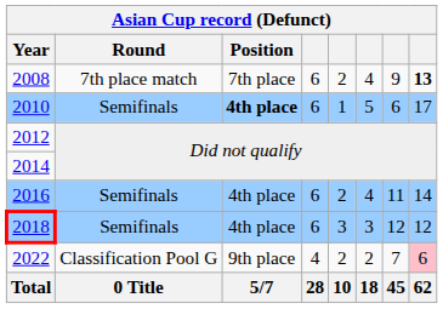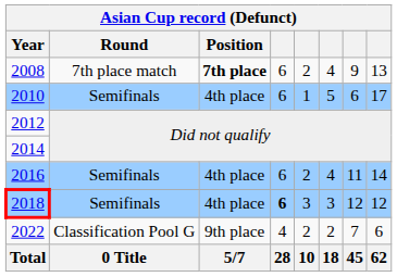 <table class="wikitable" style="text-align:center">
 <tr>
 <th colspan=8><a href='#'>Asian Cup record</a> (Defunct)</th>
 </tr>
 <tr>
 <th>Year</th>
 <th>Round</th>
 <th>Position</th>
 <th></th>
 <th></th>
 <th></th>
 <th></th>
 <th></th>
 </tr>
 <tr>
 <td> <a href='#'>2008</a></td>
 <td>7th place match</td>
-<td>7th place</td>
+<td><strong>7th place</strong></td>
 <td>6</td>
 <td>2</td>
 <td>4</td>
 <td>9</td>
-<td><strong>13</strong></td>
+<td>13</td>
 </tr>
 <tr bgcolor=#9acdff>
 <td> <a href='#'>2010</a></td>
 <td>Semifinals</td>
-<td><strong>4th place</strong></td>
+<td>4th place</td>
 <td>6</td>
 <td>1</td>
 <td>5</td>
 <td>6</td>
 <td>17</td>
 </tr>
 <tr>
 <td> <a href='#'>2012</a></td>
 <td bgcolor=#efefef colspan=7 rowspan=2><em>Did not qualify</em></td>
 </tr>
 <tr>
 <td> <a href='#'>2014</a></td>
 </tr>
 <tr bgcolor=#9acdff>
 <td> <a href='#'>2016</a></td>
 <td>Semifinals</td>
 <td>4th place</td>
 <td>6</td>
 <td>2</td>
 <td>4</td>
 <td>11</td>
 <td>14</td>
 </tr>
 <tr bgcolor=#9acdff>
 <td style="border:3px solid red"> <a href='#'>2018</a></td>
 <td>Semifinals</td>
 <td>4th place</td>
-<td>6</td>
+<td><strong>6</strong></td>
 <td>3</td>
 <td>3</td>
 <td>12</td>
 <td>12</td>
 </tr>
 <tr>
 <td> <a href='#'>2022</a></td>
 <td>Classification Pool G</td>
 <td>9th place</td>
 <td>4</td>
 <td>2</td>
 <td>2</td>
 <td>7</td>
-<td style="background: pink;">6</td>
+<td>6</td>
 </tr>
 <tr>
 <th>Total</th>
 <th>0 Title</th>
 <th>5/7</th>
 <th>28</th>
 <th>10</th>
 <th>18</th>
 <th>45</th>
 <th>62</th>
 </tr>
 </table>
